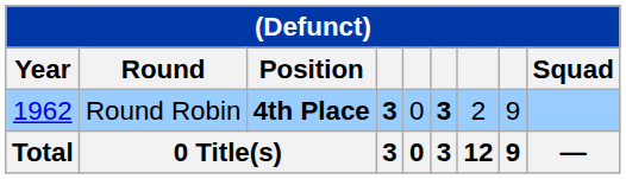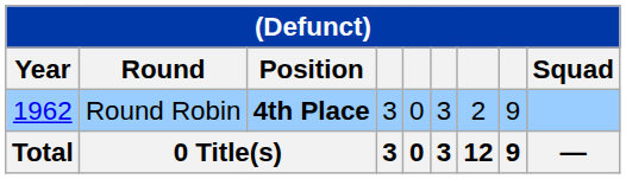 <table class="wikitable collapsible autocollapse" style="text-align: center; font-size:95%;">
 <tr>
 <th colspan=9 style="background:#0038A8; color:#FFFFFF;"><a href='#'></a> (Defunct)</th>
 </tr>
 <tr>
 <th>Year</th>
 <th>Round</th>
 <th>Position</th>
 <th></th>
 <th></th>
 <th></th>
 <th></th>
 <th></th>
 <th>Squad</th>
 </tr>
 <tr bgcolor=#9acdff>
 <td> <a href='#'>1962</a></td>
 <td>Round Robin</td>
 <td><strong>4th Place</strong></td>
-<td><strong>3</strong></td>
+<td>3</td>
 <td>0</td>
-<td><strong>3</strong></td>
+<td>3</td>
 <td>2</td>
 <td>9</td>
 <td></td>
 </tr>
 <tr>
 <th>Total</th>
 <th colspan="2">0 Title(s)</th>
 <th>3</th>
 <th>0</th>
 <th>3</th>
 <th>12</th>
 <th>9</th>
 <th>—</th>
 </tr>
 </table>
